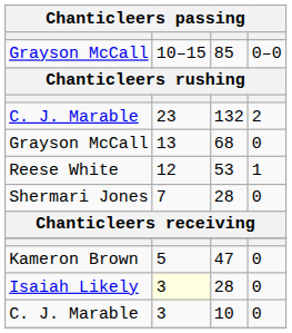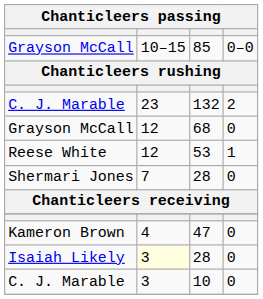 <table class="wikitable plainrowheaders">
 <tr>
 <th colspan="6">Chanticleers passing</th>
 </tr>
 <tr>
 <th scope="col"></th>
 <th scope="col"></th>
 <th scope="col"></th>
 <th scope="col"></th>
 </tr>
 <tr>
 <td><a href='#'>Grayson McCall</a></td>
 <td>10–15</td>
 <td>85</td>
 <td>0–0</td>
 </tr>
 <tr>
 <th colspan="6">Chanticleers rushing</th>
 </tr>
 <tr>
 <th scope="col"></th>
 <th scope="col"></th>
 <th scope="col"></th>
 <th scope="col"></th>
 </tr>
 <tr>
 <td><a href='#'>C. J. Marable</a></td>
 <td>23</td>
 <td>132</td>
 <td>2</td>
 </tr>
 <tr>
 <td>Grayson McCall</td>
-<td>13</td>
+<td>12</td>
 <td>68</td>
 <td>0</td>
 </tr>
 <tr>
 <td>Reese White</td>
 <td>12</td>
 <td>53</td>
 <td>1</td>
 </tr>
 <tr>
 <td>Shermari Jones</td>
 <td>7</td>
 <td>28</td>
 <td>0</td>
 </tr>
 <tr>
 <th colspan="6">Chanticleers receiving</th>
 </tr>
 <tr>
 </tr>
 <tr>
 <th scope="col"></th>
 <th scope="col"></th>
 <th scope="col"></th>
 <th scope="col"></th>
 </tr>
 <tr>
 <td>Kameron Brown</td>
-<td>5</td>
+<td>4</td>
 <td>47</td>
 <td>0</td>
 </tr>
 <tr>
 <td><a href='#'>Isaiah Likely</a></td>
 <td style="background: lightyellow;">3</td>
 <td>28</td>
 <td>0</td>
 </tr>
 <tr>
 <td>C. J. Marable</td>
 <td>3</td>
 <td>10</td>
 <td>0</td>
 </tr>
 <tr>
 </tr>
 </table>
